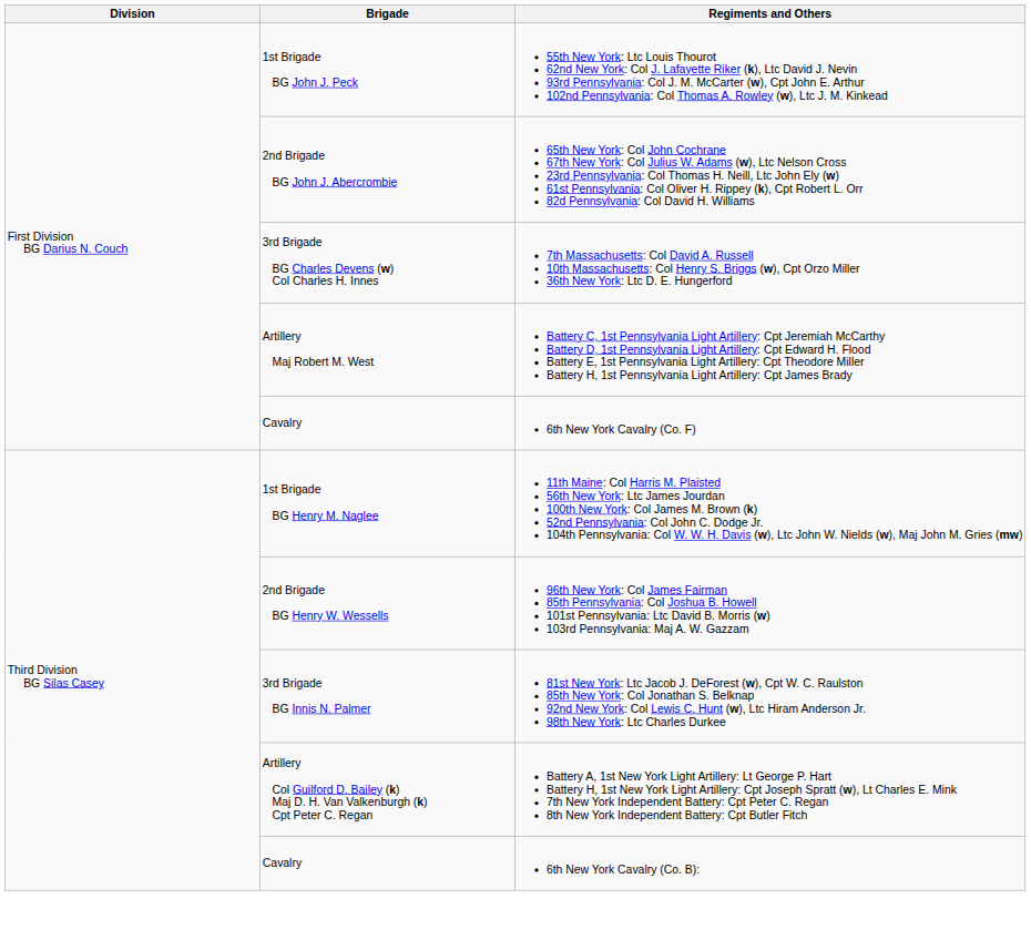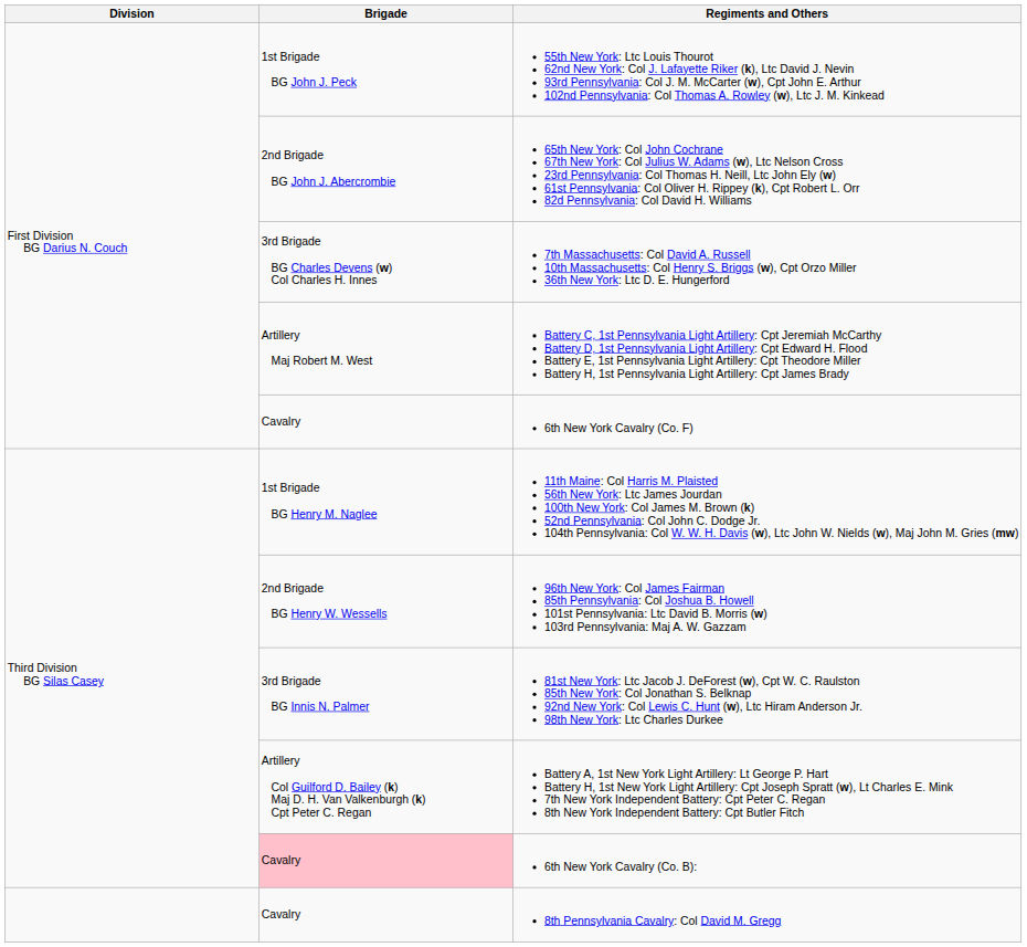 <table class="wikitable">
 <tr>
 <th style="width:25%;">Division</th>
 <th style="width:25%;">Brigade</th>
 <th>Regiments and Others</th>
 </tr>
 <tr>
 <td rowspan=5><br>First Division <br>     BG <a href='#'>Darius N. Couch</a></td>
 <td>1st Brigade<br><br>   BG <a href='#'>John J. Peck</a></td>
 <td><br><ul><li><a href='#'>55th New York</a>: Ltc Louis Thourot</li><li><a href='#'>62nd New York</a>: Col <a href='#'>J. Lafayette Riker</a> (<strong>k</strong>), Ltc David J. Nevin</li><li><a href='#'>93rd Pennsylvania</a>: Col J. M. McCarter (<strong>w</strong>), Cpt John E. Arthur</li><li><a href='#'>102nd Pennsylvania</a>: Col <a href='#'>Thomas A. Rowley</a> (<strong>w</strong>), Ltc J. M. Kinkead</li></ul></td>
 </tr>
 <tr>
 <td>2nd Brigade<br><br>   BG <a href='#'>John J. Abercrombie</a></td>
 <td><br><ul><li><a href='#'>65th New York</a>: Col <a href='#'>John Cochrane</a></li><li><a href='#'>67th New York</a>: Col <a href='#'>Julius W. Adams</a> (<strong>w</strong>), Ltc Nelson Cross</li><li><a href='#'>23rd Pennsylvania</a>: Col Thomas H. Neill, Ltc John Ely (<strong>w</strong>)</li><li><a href='#'>61st Pennsylvania</a>: Col Oliver H. Rippey (<strong>k</strong>), Cpt Robert L. Orr</li><li><a href='#'>82d Pennsylvania</a>: Col David H. Williams</li></ul></td>
 </tr>
 <tr>
 <td>3rd Brigade<br><br>   BG <a href='#'>Charles Devens</a> (<strong>w</strong>) <br>   Col Charles H. Innes</td>
 <td><br><ul><li><a href='#'>7th Massachusetts</a>: Col <a href='#'>David A. Russell</a></li><li><a href='#'>10th Massachusetts</a>: Col <a href='#'>Henry S. Briggs</a> (<strong>w</strong>), Cpt Orzo Miller</li><li><a href='#'>36th New York</a>: Ltc D. E. Hungerford</li></ul></td>
 </tr>
 <tr>
 <td>Artillery<br><br>   Maj Robert M. West</td>
 <td><br><ul><li><a href='#'>Battery C, 1st Pennsylvania Light Artillery</a>: Cpt Jeremiah McCarthy</li><li><a href='#'>Battery D, 1st Pennsylvania Light Artillery</a>: Cpt Edward H. Flood</li><li>Battery E, 1st Pennsylvania Light Artillery: Cpt Theodore Miller</li><li>Battery H, 1st Pennsylvania Light Artillery: Cpt James Brady</li></ul></td>
 </tr>
 <tr>
 <td>Cavalry</td>
 <td><br><ul><li>6th New York Cavalry (Co. F)</li></ul></td>
 </tr>
 <tr>
 <td rowspan=5><br>Third Division <br>     BG <a href='#'>Silas Casey</a></td>
 <td>1st Brigade<br><br>   BG <a href='#'>Henry M. Naglee</a></td>
 <td><br><ul><li><a href='#'>11th Maine</a>: Col <a href='#'>Harris M. Plaisted</a></li><li><a href='#'>56th New York</a>: Ltc James Jourdan</li><li><a href='#'>100th New York</a>: Col James M. Brown (<strong>k</strong>)</li><li><a href='#'>52nd Pennsylvania</a>: Col John C. Dodge Jr.</li><li>104th Pennsylvania: Col <a href='#'>W. W. H. Davis</a> (<strong>w</strong>), Ltc John W. Nields (<strong>w</strong>), Maj John M. Gries (<strong>mw</strong>)</li></ul></td>
 </tr>
 <tr>
 <td>2nd Brigade<br><br>   BG <a href='#'>Henry W. Wessells</a></td>
 <td><br><ul><li><a href='#'>96th New York</a>: Col <a href='#'>James Fairman</a></li><li><a href='#'>85th Pennsylvania</a>: Col <a href='#'>Joshua B. Howell</a></li><li>101st Pennsylvania: Ltc David B. Morris (<strong>w</strong>)</li><li>103rd Pennsylvania: Maj A. W. Gazzam</li></ul></td>
 </tr>
 <tr>
 <td>3rd Brigade<br><br>   BG <a href='#'>Innis N. Palmer</a></td>
 <td><br><ul><li><a href='#'>81st New York</a>: Ltc Jacob J. DeForest (<strong>w</strong>), Cpt W. C. Raulston</li><li><a href='#'>85th New York</a>: Col Jonathan S. Belknap</li><li><a href='#'>92nd New York</a>: Col <a href='#'>Lewis C. Hunt</a> (<strong>w</strong>), Ltc Hiram Anderson Jr.</li><li><a href='#'>98th New York</a>: Ltc Charles Durkee</li></ul></td>
 </tr>
 <tr>
 <td>Artillery<br><br>   Col <a href='#'>Guilford D. Bailey</a> (<strong>k</strong>) <br>   Maj D. H. Van Valkenburgh (<strong>k</strong>) <br>   Cpt Peter C. Regan</td>
 <td><br><ul><li>Battery A, 1st New York Light Artillery: Lt George P. Hart</li><li>Battery H, 1st New York Light Artillery: Cpt Joseph Spratt (<strong>w</strong>), Lt Charles E. Mink</li><li>7th New York Independent Battery: Cpt Peter C. Regan</li><li>8th New York Independent Battery: Cpt Butler Fitch</li></ul></td>
 </tr>
 <tr>
-<td>Cavalry</td>
+<td style="background: pink;">Cavalry</td>
 <td><br><ul><li>6th New York Cavalry (Co. B):</li></ul></td>
 </tr>
+<tr>
+<td></td>
+<td>Cavalry</td>
+<td><br><ul><li><a href='#'>8th Pennsylvania Cavalry</a>: Col <a href='#'>David M. Gregg</a></li></ul></td>
+</tr>
 </table>
